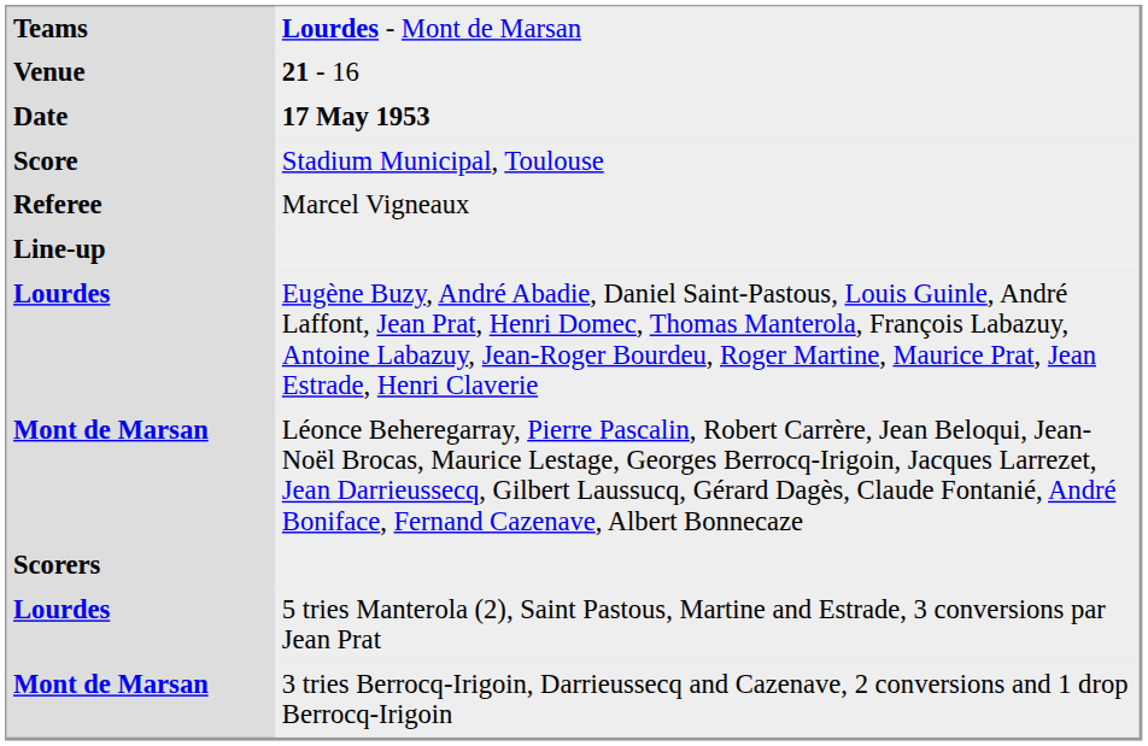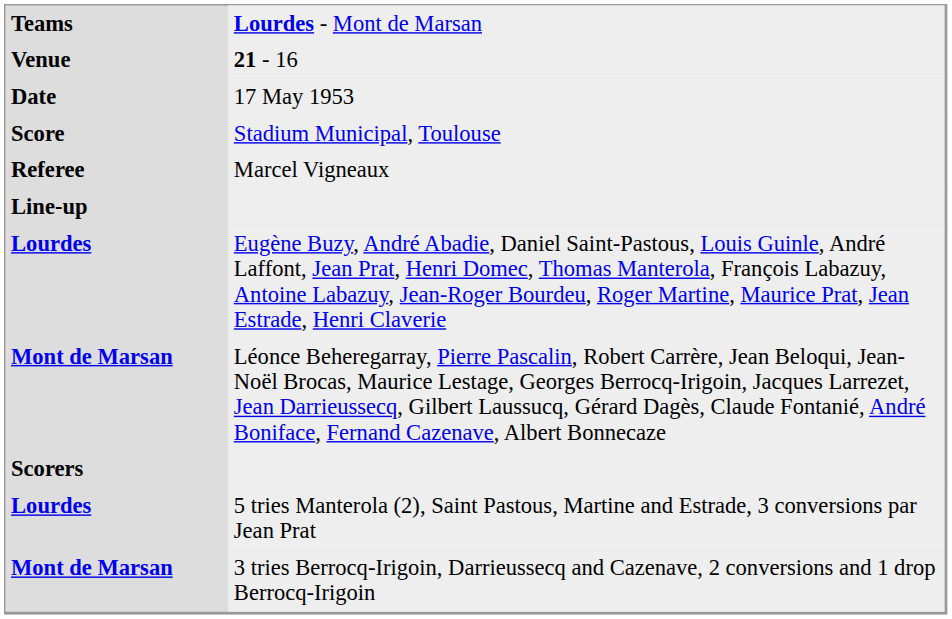 <table align="left" cellpadding="4" cellspacing="0"  style="margin: 0 0 0 0; border: 1px solid #999; border-right-width: 2px; border-bottom-width: 2px; background-color: #DDDDDD">
 <tr>
 <td width="150" valign="top"><strong>Teams</strong></td>
 <td width="500" bgcolor=#EEEEEE><strong><a href='#'>Lourdes</a></strong> - <a href='#'>Mont de Marsan</a></td>
 </tr>
 <tr>
 <td valign="top"><strong>Venue</strong></td>
 <td bgcolor=#EEEEEE><strong>21</strong> - 16</td>
 </tr>
 <tr>
 <td valign="top"><strong>Date</strong></td>
-<td bgcolor=#EEEEEE><strong>17 May 1953</strong></td>
+<td bgcolor=#EEEEEE>17 May 1953</td>
 </tr>
 <tr>
 <td valign="top"><strong>Score</strong></td>
 <td bgcolor=#EEEEEE><a href='#'>Stadium Municipal</a>, <a href='#'>Toulouse</a></td>
 </tr>
 <tr>
 <td valign="top"><strong>Referee</strong></td>
 <td bgcolor=#EEEEEE>Marcel Vigneaux</td>
 </tr>
 <tr>
 <td valign="top"><strong>Line-up</strong></td>
 <td bgcolor=#EEEEEE></td>
 </tr>
 <tr>
 <td valign="top"><strong> <a href='#'>Lourdes</a> </strong></td>
 <td bgcolor=#EEEEEE><a href='#'>Eugène Buzy</a>, <a href='#'>André Abadie</a>, Daniel Saint-Pastous, <a href='#'>Louis Guinle</a>, André Laffont, <a href='#'>Jean Prat</a>, <a href='#'>Henri Domec</a>, <a href='#'>Thomas Manterola</a>, François Labazuy, <a href='#'>Antoine Labazuy</a>, <a href='#'>Jean-Roger Bourdeu</a>, <a href='#'>Roger Martine</a>, <a href='#'>Maurice Prat</a>, <a href='#'>Jean Estrade</a>, <a href='#'>Henri Claverie</a></td>
 </tr>
 <tr>
 <td valign="top"><strong><a href='#'>Mont de Marsan</a></strong></td>
 <td bgcolor=#EEEEEE>Léonce Beheregarray, <a href='#'>Pierre Pascalin</a>, Robert Carrère, Jean Beloqui, Jean-Noël Brocas, Maurice Lestage, Georges Berrocq-Irigoin, Jacques Larrezet, <a href='#'>Jean Darrieussecq</a>, Gilbert Laussucq, Gérard Dagès, Claude Fontanié, <a href='#'>André Boniface</a>, <a href='#'>Fernand Cazenave</a>, Albert Bonnecaze</td>
 </tr>
 <tr>
 <td valign="top"><strong>Scorers</strong></td>
 <td bgcolor=#EEEEEE></td>
 </tr>
 <tr>
 <td valign="top"><strong><a href='#'>Lourdes</a>  </strong></td>
 <td bgcolor=#EEEEEE>5 tries Manterola (2), Saint Pastous, Martine and Estrade, 3 conversions par Jean Prat</td>
 </tr>
 <tr>
 <td valign="top"><strong><a href='#'>Mont de Marsan</a></strong></td>
 <td bgcolor=#EEEEEE>3 tries Berrocq-Irigoin, Darrieussecq and Cazenave, 2 conversions and 1 drop Berrocq-Irigoin</td>
 </tr>
 </table>
